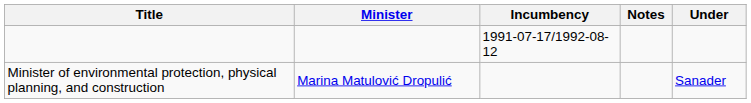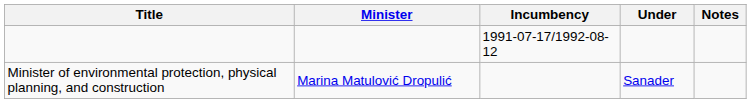 <table class="wikitable" style="width:100%;">
 <tr>
 <th>Title</th>
 <th style="width:25%;"><a href='#'>Minister</a></th>
 <th style="width:160px;">Incumbency</th>
+<th style="width:10%;">Under</th>
 <th style="width:7%;">Notes</th>
-<th style="width:10%;">Under</th>
 </tr>
 <tr>
 <td></td>
 <td></td>
 <td>1991-07-17/1992-08-12</td>
 <td></td>
 <td></td>
 </tr>
 <tr>
 <td>Minister of environmental protection, physical planning, and construction</td>
 <td><a href='#'>Marina Matulović Dropulić</a></td>
 <td></td>
+<td><a href='#'>Sanader</a></td>
 <td></td>
-<td><a href='#'>Sanader</a></td>
 </tr>
 </table>
